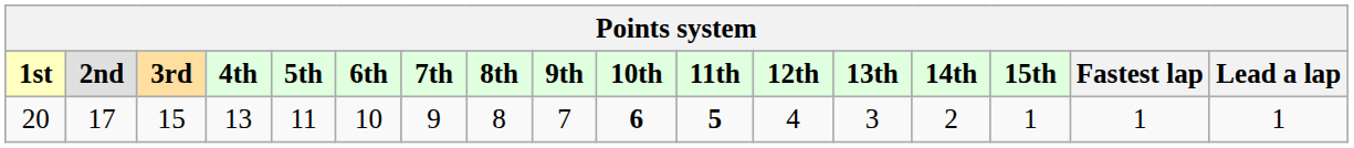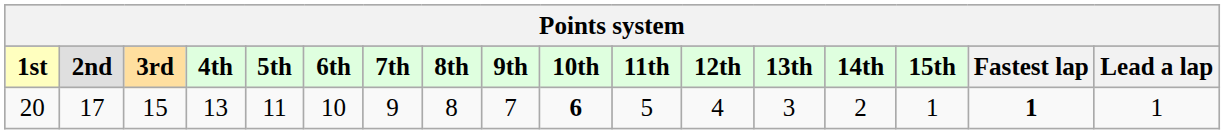 <table class="wikitable" style="font-size:95%; text-align:center">
 <tr>
 <th colspan="19">Points system</th>
 </tr>
 <tr>
 <td style="background:#ffffbf;"> <strong>1st</strong> </td>
 <td style="background:#dfdfdf;"> <strong>2nd</strong> </td>
 <td style="background:#ffdf9f;"> <strong>3rd</strong> </td>
 <td style="background:#dfffdf;"> <strong>4th</strong> </td>
 <td style="background:#dfffdf;"> <strong>5th</strong> </td>
 <td style="background:#dfffdf;"> <strong>6th</strong> </td>
 <td style="background:#dfffdf;"> <strong>7th</strong> </td>
 <td style="background:#dfffdf;"> <strong>8th</strong> </td>
 <td style="background:#dfffdf;"> <strong>9th</strong> </td>
 <td style="background:#dfffdf;"> <strong>10th</strong> </td>
 <td style="background:#dfffdf;"> <strong>11th</strong> </td>
 <td style="background:#dfffdf;"> <strong>12th</strong> </td>
 <td style="background:#dfffdf;"> <strong>13th</strong> </td>
 <td style="background:#dfffdf;"> <strong>14th</strong> </td>
 <td style="background:#dfffdf;"> <strong>15th</strong> </td>
 <th>Fastest lap</th>
 <th>Lead a lap</th>
 </tr>
 <tr>
 <td>20</td>
 <td>17</td>
 <td>15</td>
 <td>13</td>
 <td>11</td>
 <td>10</td>
 <td>9</td>
 <td>8</td>
 <td>7</td>
 <td><strong>6</strong></td>
-<td><strong>5</strong></td>
+<td>5</td>
 <td>4</td>
 <td>3</td>
 <td>2</td>
 <td>1</td>
-<td>1</td>
+<td><strong>1</strong></td>
 <td>1</td>
 </tr>
 </table>
